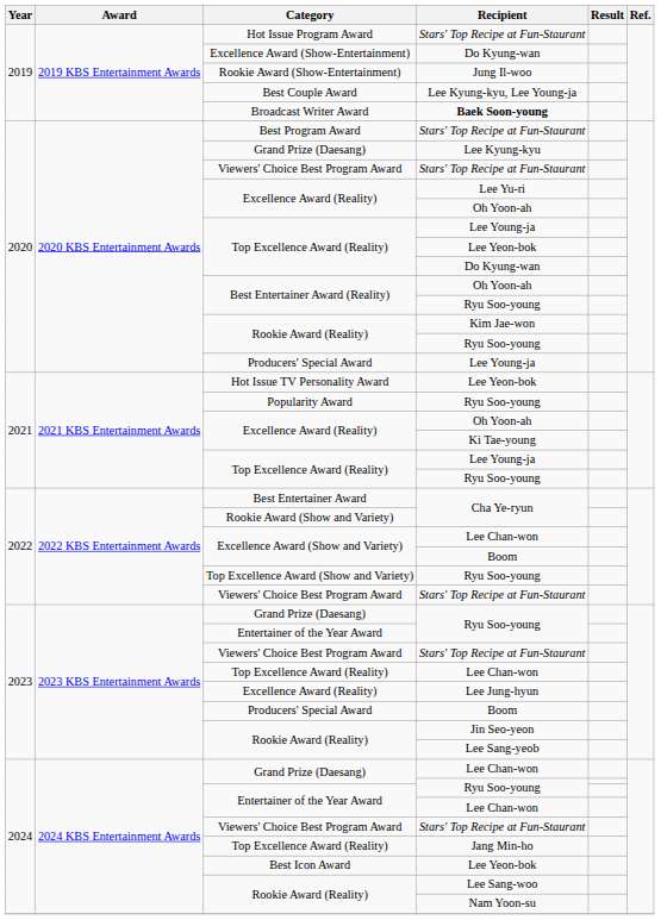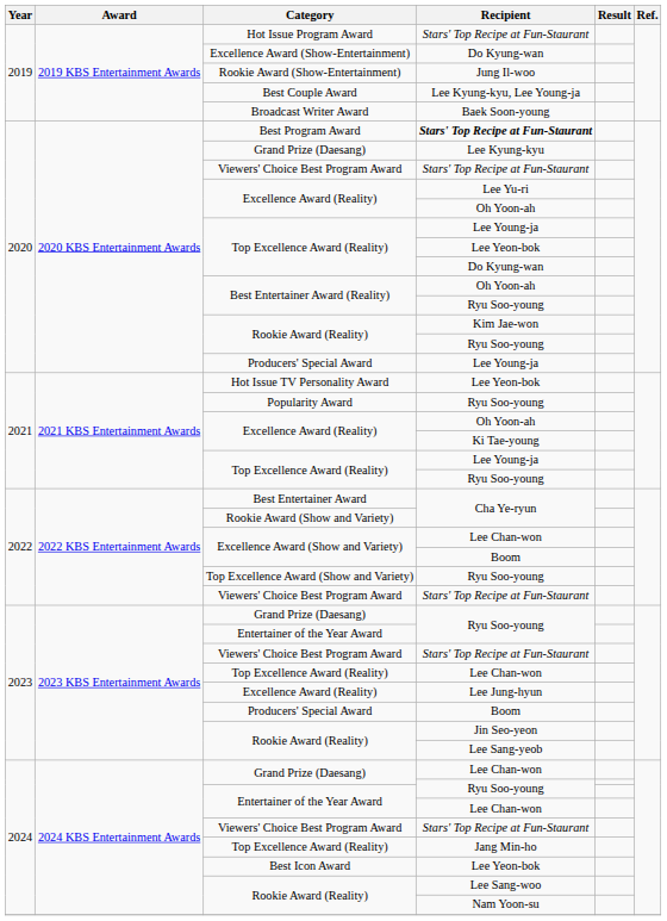 <table class="wikitable" style="text-align: center;">
 <tr>
 <th>Year</th>
 <th>Award</th>
 <th>Category</th>
 <th>Recipient</th>
 <th>Result</th>
 <th>Ref.</th>
 </tr>
 <tr>
 <td rowspan="5">2019</td>
 <td rowspan="5"><a href='#'>2019 KBS Entertainment Awards</a></td>
 <td>Hot Issue Program Award</td>
 <td><em>Stars' Top Recipe at Fun-Staurant</em></td>
 <td></td>
 <td rowspan="5"></td>
 </tr>
 <tr>
 <td>Excellence Award (Show-Entertainment)</td>
 <td>Do Kyung-wan</td>
 <td></td>
 </tr>
 <tr>
 <td>Rookie Award (Show-Entertainment)</td>
 <td>Jung Il-woo</td>
 <td></td>
 </tr>
 <tr>
 <td>Best Couple Award</td>
 <td>Lee Kyung-kyu, Lee Young-ja</td>
 <td></td>
 </tr>
 <tr>
 <td>Broadcast Writer Award</td>
-<td><strong>Baek Soon-young</strong></td>
+<td>Baek Soon-young</td>
 <td></td>
 </tr>
 <tr>
 <td rowspan="13">2020</td>
 <td rowspan="13"><a href='#'>2020 KBS Entertainment Awards</a></td>
 <td>Best Program Award</td>
-<td><em>Stars' Top Recipe at Fun-Staurant</em></td>
+<td><strong><em>Stars' Top Recipe at Fun-Staurant</em></strong></td>
 <td></td>
 <td rowspan="13"></td>
 </tr>
 <tr>
 <td>Grand Prize (Daesang)</td>
 <td>Lee Kyung-kyu</td>
 <td></td>
 </tr>
 <tr>
 <td>Viewers' Choice Best Program Award</td>
 <td><em>Stars' Top Recipe at Fun-Staurant</em></td>
 <td></td>
 </tr>
 <tr>
 <td rowspan="2">Excellence Award (Reality)</td>
 <td>Lee Yu-ri</td>
 <td></td>
 </tr>
 <tr>
 <td>Oh Yoon-ah</td>
 <td></td>
 </tr>
 <tr>
 <td rowspan="3">Top Excellence Award (Reality)</td>
 <td>Lee Young-ja</td>
 <td></td>
 </tr>
 <tr>
 <td>Lee Yeon-bok</td>
 <td></td>
 </tr>
 <tr>
 <td>Do Kyung-wan</td>
 <td></td>
 </tr>
 <tr>
 <td rowspan="2">Best Entertainer Award (Reality)</td>
 <td>Oh Yoon-ah</td>
 <td></td>
 </tr>
 <tr>
 <td>Ryu Soo-young</td>
 <td></td>
 </tr>
 <tr>
 <td rowspan="2">Rookie Award (Reality)</td>
 <td>Kim Jae-won</td>
 <td></td>
 </tr>
 <tr>
 <td>Ryu Soo-young</td>
 <td></td>
 </tr>
 <tr>
 <td>Producers' Special Award</td>
 <td>Lee Young-ja</td>
 <td></td>
 </tr>
 <tr>
 <td rowspan="6">2021</td>
 <td rowspan="6"><a href='#'>2021 KBS Entertainment Awards</a></td>
 <td>Hot Issue TV Personality Award</td>
 <td>Lee Yeon-bok</td>
 <td></td>
 <td rowspan="6"></td>
 </tr>
 <tr>
 <td>Popularity Award</td>
 <td>Ryu Soo-young</td>
 <td></td>
 </tr>
 <tr>
 <td rowspan="2">Excellence Award (Reality)</td>
 <td>Oh Yoon-ah</td>
 <td></td>
 </tr>
 <tr>
 <td>Ki Tae-young</td>
 <td></td>
 </tr>
 <tr>
 <td rowspan="2">Top Excellence Award (Reality)</td>
 <td>Lee Young-ja</td>
 <td></td>
 </tr>
 <tr>
 <td>Ryu Soo-young</td>
 <td></td>
 </tr>
 <tr>
 <td rowspan="6">2022</td>
 <td rowspan="6"><a href='#'>2022 KBS Entertainment Awards</a></td>
 <td>Best Entertainer Award</td>
 <td rowspan="2">Cha Ye-ryun</td>
 <td></td>
 <td rowspan="6"></td>
 </tr>
 <tr>
 <td>Rookie Award (Show and Variety)</td>
 <td></td>
 </tr>
 <tr>
 <td rowspan="2">Excellence Award (Show and Variety)</td>
 <td>Lee Chan-won</td>
 <td></td>
 </tr>
 <tr>
 <td>Boom</td>
 <td></td>
 </tr>
 <tr>
 <td>Top Excellence Award (Show and Variety)</td>
 <td>Ryu Soo-young</td>
 <td></td>
 </tr>
 <tr>
 <td>Viewers' Choice Best Program Award</td>
 <td><em>Stars' Top Recipe at Fun-Staurant</em></td>
 <td></td>
 </tr>
 <tr>
 <td rowspan="8">2023</td>
 <td rowspan="8"><a href='#'>2023 KBS Entertainment Awards</a></td>
 <td>Grand Prize (Daesang)</td>
 <td rowspan="2">Ryu Soo-young</td>
 <td></td>
 <td rowspan="8"></td>
 </tr>
 <tr>
 <td>Entertainer of the Year Award</td>
 <td></td>
 </tr>
 <tr>
 <td>Viewers' Choice Best Program Award</td>
 <td><em>Stars' Top Recipe at Fun-Staurant</em></td>
 <td></td>
 </tr>
 <tr>
 <td>Top Excellence Award (Reality)</td>
 <td>Lee Chan-won</td>
 <td></td>
 </tr>
 <tr>
 <td>Excellence Award (Reality)</td>
 <td>Lee Jung-hyun</td>
 <td></td>
 </tr>
 <tr>
 <td>Producers' Special Award</td>
 <td>Boom</td>
 <td></td>
 </tr>
 <tr>
 <td rowspan="2">Rookie Award (Reality)</td>
 <td>Jin Seo-yeon</td>
 <td></td>
 </tr>
 <tr>
 <td>Lee Sang-yeob</td>
 <td></td>
 </tr>
 <tr>
 <td rowspan="9">2024</td>
 <td rowspan="9"><a href='#'>2024 KBS Entertainment Awards</a></td>
 <td rowspan="2">Grand Prize (Daesang)</td>
 <td>Lee Chan-won</td>
 <td></td>
 <td rowspan="9"></td>
 </tr>
 <tr>
 <td rowspan="2">Ryu Soo-young</td>
 <td></td>
 </tr>
 <tr>
 <td rowspan="2">Entertainer of the Year Award</td>
 <td></td>
 </tr>
 <tr>
 <td>Lee Chan-won</td>
 <td></td>
 </tr>
 <tr>
 <td>Viewers' Choice Best Program Award</td>
 <td><em>Stars' Top Recipe at Fun-Staurant</em></td>
 <td></td>
 </tr>
 <tr>
 <td>Top Excellence Award (Reality)</td>
 <td>Jang Min-ho</td>
 <td></td>
 </tr>
 <tr>
 <td>Best Icon Award</td>
 <td>Lee Yeon-bok</td>
 <td></td>
 </tr>
 <tr>
 <td rowspan="2">Rookie Award (Reality)</td>
 <td>Lee Sang-woo</td>
 <td></td>
 </tr>
 <tr>
 <td>Nam Yoon-su</td>
 <td></td>
 </tr>
 <tr>
 </tr>
 </table>
